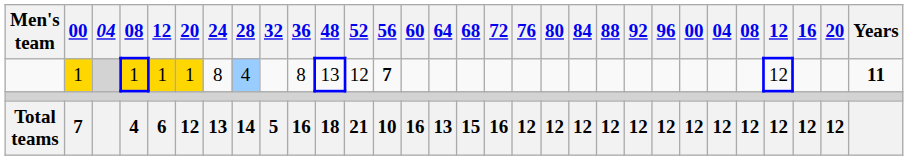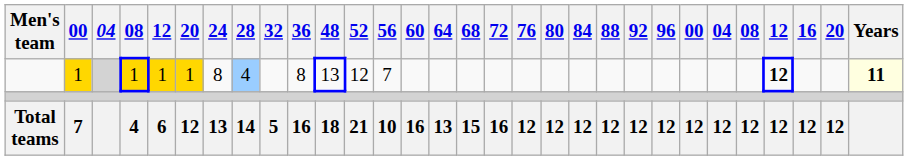 <table class="wikitable" style="text-align: center; font-size: 90%; margin-left: 1em;">
 <tr>
 <th>Men's team</th>
 <th><a href='#'>00</a></th>
 <th><em><a href='#'>04</a></em></th>
 <th><a href='#'>08</a></th>
 <th><a href='#'>12</a></th>
 <th><a href='#'>20</a></th>
 <th><a href='#'>24</a></th>
 <th><a href='#'>28</a></th>
 <th><a href='#'>32</a></th>
 <th><a href='#'>36</a></th>
 <th><a href='#'>48</a></th>
 <th><a href='#'>52</a></th>
 <th><a href='#'>56</a></th>
 <th><a href='#'>60</a></th>
 <th><a href='#'>64</a></th>
 <th><a href='#'>68</a></th>
 <th><a href='#'>72</a></th>
 <th><a href='#'>76</a></th>
 <th><a href='#'>80</a></th>
 <th><a href='#'>84</a></th>
 <th><a href='#'>88</a></th>
 <th><a href='#'>92</a></th>
 <th><a href='#'>96</a></th>
 <th><a href='#'>00</a></th>
 <th><a href='#'>04</a></th>
 <th><a href='#'>08</a></th>
 <th><a href='#'>12</a></th>
 <th><a href='#'>16</a></th>
 <th><a href='#'>20</a></th>
 <th>Years</th>
 </tr>
 <tr>
 <td style="text-align: left;"></td>
 <td style="background-color: gold;">1</td>
 <td style="background-color: lightgray;"></td>
 <td style="border: 2px solid blue; background-color: gold;">1</td>
 <td style="background-color: gold;">1</td>
 <td style="background-color: gold;">1</td>
 <td>8</td>
 <td style="background-color: #9acdff;">4</td>
 <td></td>
 <td>8</td>
 <td style="border: 2px solid blue;">13</td>
 <td>12</td>
-<td><strong>7</strong></td>
+<td>7</td>
 <td></td>
 <td></td>
 <td></td>
 <td></td>
 <td></td>
 <td></td>
 <td></td>
 <td></td>
 <td></td>
 <td></td>
 <td></td>
 <td></td>
 <td></td>
-<td style="border: 2px solid blue;">12</td>
+<td style="border: 2px solid blue;"><strong>12</strong></td>
 <td></td>
 <td></td>
-<td><strong>11</strong></td>
+<td style="background: lightyellow;"><strong>11</strong></td>
 </tr>
 <tr style="background-color: lightgrey;">
 <td colspan="30"></td>
 </tr>
 <tr>
 <th>Total teams</th>
 <th>7</th>
 <th></th>
 <th>4</th>
 <th>6</th>
 <th>12</th>
 <th>13</th>
 <th>14</th>
 <th>5</th>
 <th>16</th>
 <th>18</th>
 <th>21</th>
 <th>10</th>
 <th>16</th>
 <th>13</th>
 <th>15</th>
 <th>16</th>
 <th>12</th>
 <th>12</th>
 <th>12</th>
 <th>12</th>
 <th>12</th>
 <th>12</th>
 <th>12</th>
 <th>12</th>
 <th>12</th>
 <th>12</th>
 <th>12</th>
 <th>12</th>
 <th></th>
 </tr>
 </table>
